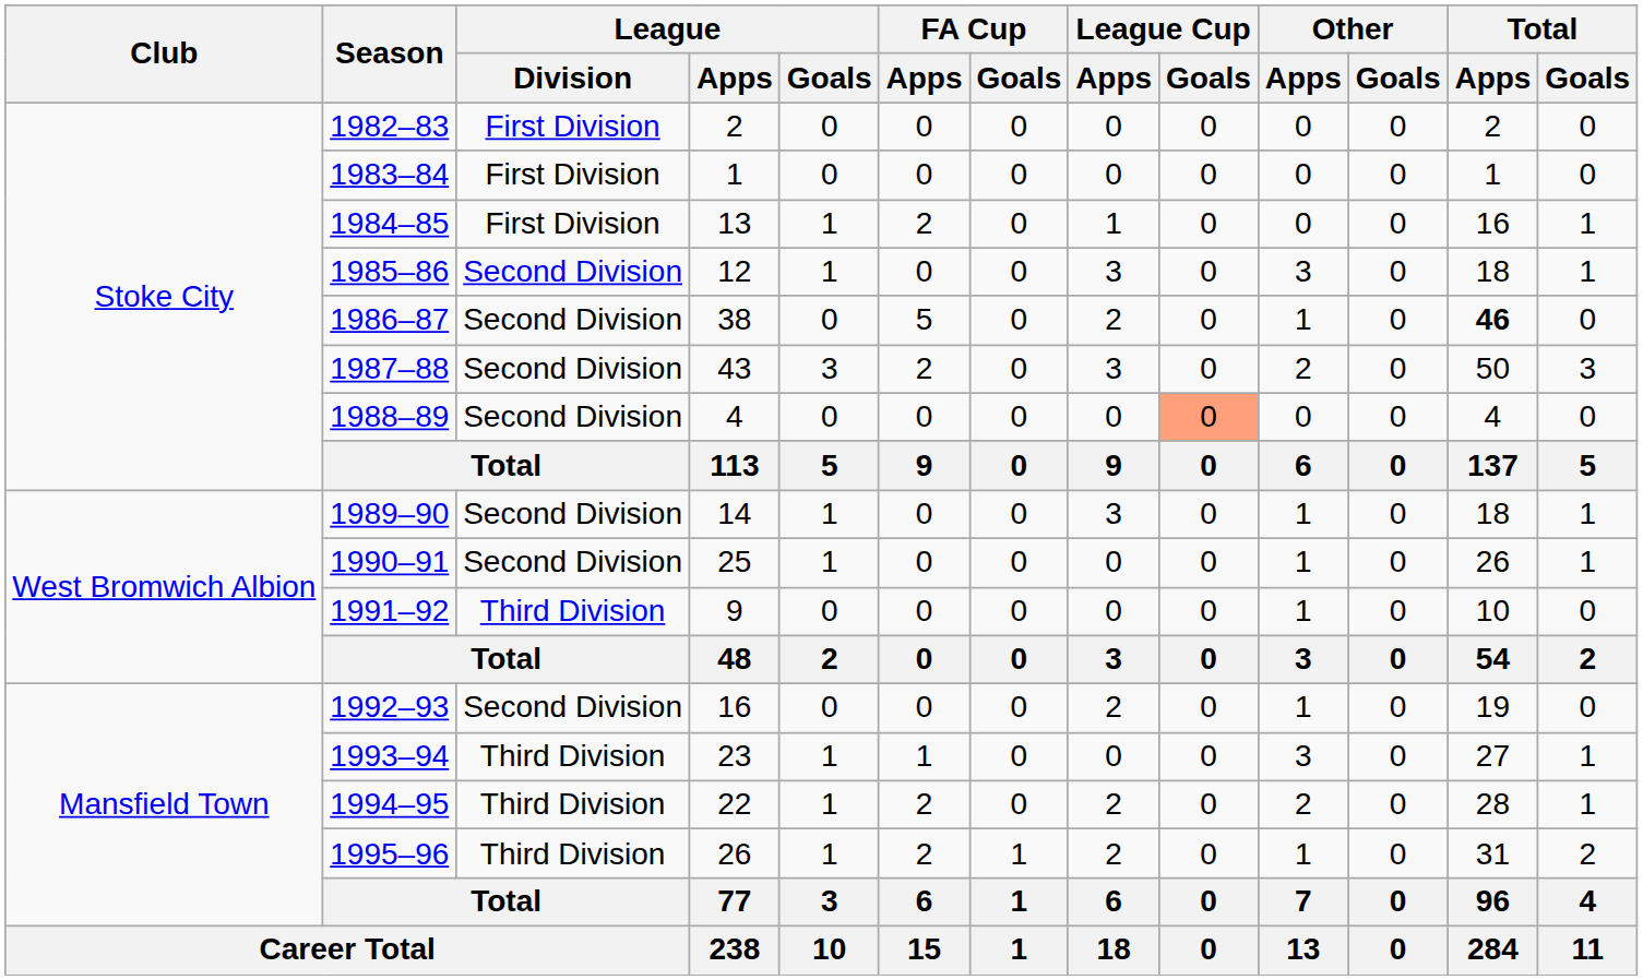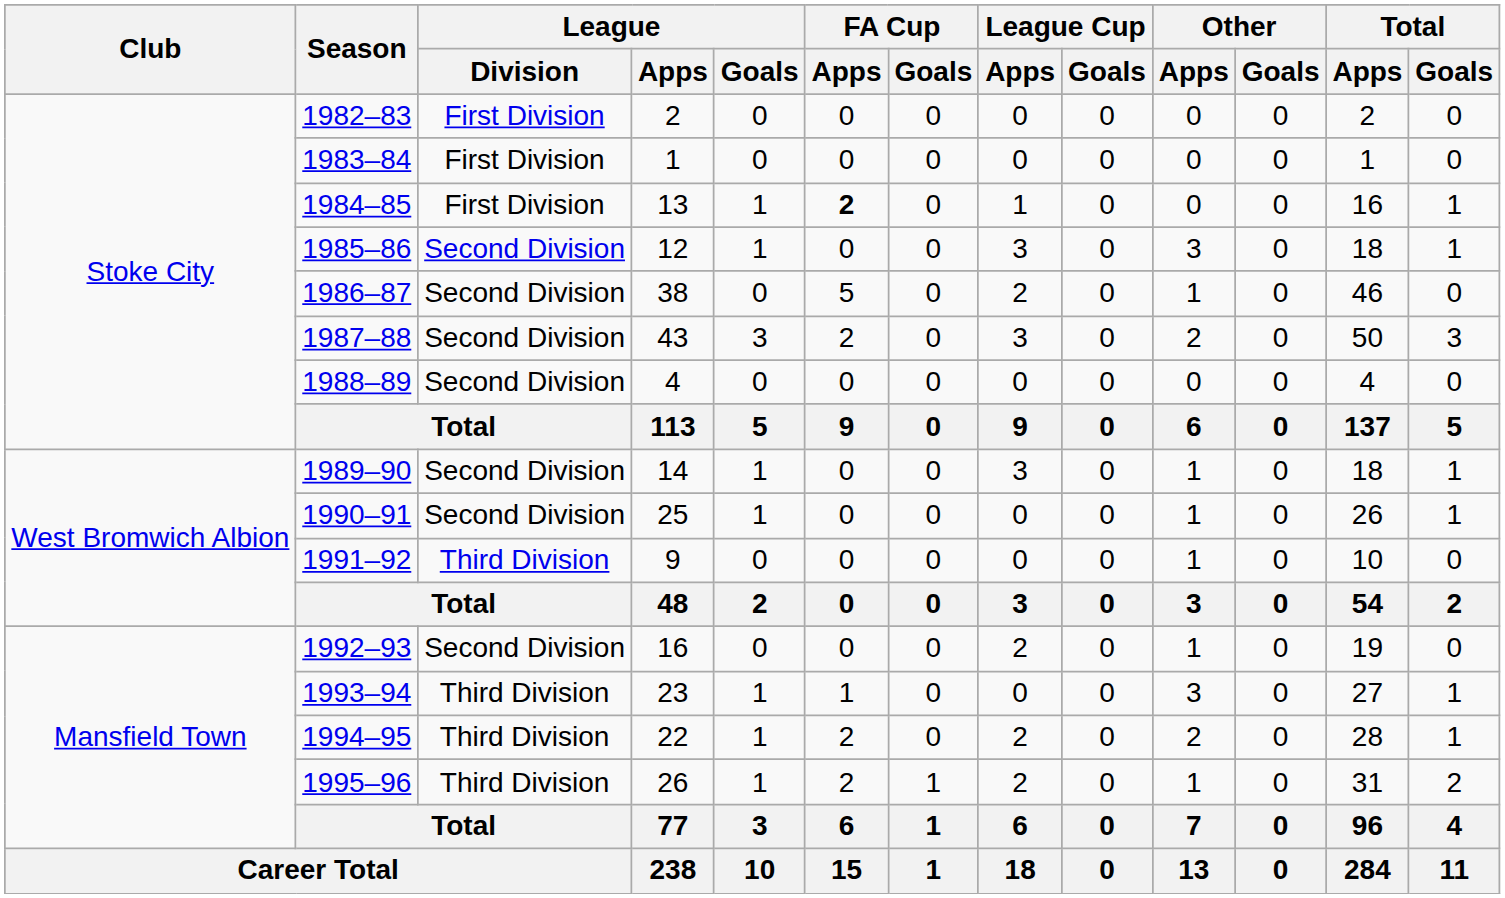 <table class="wikitable" style="text-align: center;">
 <tr>
 <th rowspan="2">Club</th>
 <th rowspan="2">Season</th>
 <th colspan="3">League</th>
 <th colspan="2">FA Cup</th>
 <th colspan="2">League Cup</th>
 <th colspan="2">Other</th>
 <th colspan="2">Total</th>
 </tr>
 <tr>
 <th>Division</th>
 <th>Apps</th>
 <th>Goals</th>
 <th>Apps</th>
 <th>Goals</th>
 <th>Apps</th>
 <th>Goals</th>
 <th>Apps</th>
 <th>Goals</th>
 <th>Apps</th>
 <th>Goals</th>
 </tr>
 <tr>
 <td rowspan="8"><a href='#'>Stoke City</a></td>
 <td><a href='#'>1982–83</a></td>
 <td><a href='#'>First Division</a></td>
 <td>2</td>
 <td>0</td>
 <td>0</td>
 <td>0</td>
 <td>0</td>
 <td>0</td>
 <td>0</td>
 <td>0</td>
 <td>2</td>
 <td>0</td>
 </tr>
 <tr>
 <td><a href='#'>1983–84</a></td>
 <td>First Division</td>
 <td>1</td>
 <td>0</td>
 <td>0</td>
 <td>0</td>
 <td>0</td>
 <td>0</td>
 <td>0</td>
 <td>0</td>
 <td>1</td>
 <td>0</td>
 </tr>
 <tr>
 <td><a href='#'>1984–85</a></td>
 <td>First Division</td>
 <td>13</td>
 <td>1</td>
-<td>2</td>
+<td><strong>2</strong></td>
 <td>0</td>
 <td>1</td>
 <td>0</td>
 <td>0</td>
 <td>0</td>
 <td>16</td>
 <td>1</td>
 </tr>
 <tr>
 <td><a href='#'>1985–86</a></td>
 <td><a href='#'>Second Division</a></td>
 <td>12</td>
 <td>1</td>
 <td>0</td>
 <td>0</td>
 <td>3</td>
 <td>0</td>
 <td>3</td>
 <td>0</td>
 <td>18</td>
 <td>1</td>
 </tr>
 <tr>
 <td><a href='#'>1986–87</a></td>
 <td>Second Division</td>
 <td>38</td>
 <td>0</td>
 <td>5</td>
 <td>0</td>
 <td>2</td>
 <td>0</td>
 <td>1</td>
 <td>0</td>
-<td><strong>46</strong></td>
+<td>46</td>
 <td>0</td>
 </tr>
 <tr>
 <td><a href='#'>1987–88</a></td>
 <td>Second Division</td>
 <td>43</td>
 <td>3</td>
 <td>2</td>
 <td>0</td>
 <td>3</td>
 <td>0</td>
 <td>2</td>
 <td>0</td>
 <td>50</td>
 <td>3</td>
 </tr>
 <tr>
 <td><a href='#'>1988–89</a></td>
 <td>Second Division</td>
 <td>4</td>
 <td>0</td>
 <td>0</td>
 <td>0</td>
 <td>0</td>
-<td style="background: lightsalmon;">0</td>
+<td>0</td>
 <td>0</td>
 <td>0</td>
 <td>4</td>
 <td>0</td>
 </tr>
 <tr>
 <th colspan="2">Total</th>
 <th>113</th>
 <th>5</th>
 <th>9</th>
 <th>0</th>
 <th>9</th>
 <th>0</th>
 <th>6</th>
 <th>0</th>
 <th>137</th>
 <th>5</th>
 </tr>
 <tr>
 <td rowspan="4"><a href='#'>West Bromwich Albion</a></td>
 <td><a href='#'>1989–90</a></td>
 <td>Second Division</td>
 <td>14</td>
 <td>1</td>
 <td>0</td>
 <td>0</td>
 <td>3</td>
 <td>0</td>
 <td>1</td>
 <td>0</td>
 <td>18</td>
 <td>1</td>
 </tr>
 <tr>
 <td><a href='#'>1990–91</a></td>
 <td>Second Division</td>
 <td>25</td>
 <td>1</td>
 <td>0</td>
 <td>0</td>
 <td>0</td>
 <td>0</td>
 <td>1</td>
 <td>0</td>
 <td>26</td>
 <td>1</td>
 </tr>
 <tr>
 <td><a href='#'>1991–92</a></td>
 <td><a href='#'>Third Division</a></td>
 <td>9</td>
 <td>0</td>
 <td>0</td>
 <td>0</td>
 <td>0</td>
 <td>0</td>
 <td>1</td>
 <td>0</td>
 <td>10</td>
 <td>0</td>
 </tr>
 <tr>
 <th colspan="2">Total</th>
 <th>48</th>
 <th>2</th>
 <th>0</th>
 <th>0</th>
 <th>3</th>
 <th>0</th>
 <th>3</th>
 <th>0</th>
 <th>54</th>
 <th>2</th>
 </tr>
 <tr>
 <td rowspan="5"><a href='#'>Mansfield Town</a></td>
 <td><a href='#'>1992–93</a></td>
 <td>Second Division</td>
 <td>16</td>
 <td>0</td>
 <td>0</td>
 <td>0</td>
 <td>2</td>
 <td>0</td>
 <td>1</td>
 <td>0</td>
 <td>19</td>
 <td>0</td>
 </tr>
 <tr>
 <td><a href='#'>1993–94</a></td>
 <td>Third Division</td>
 <td>23</td>
 <td>1</td>
 <td>1</td>
 <td>0</td>
 <td>0</td>
 <td>0</td>
 <td>3</td>
 <td>0</td>
 <td>27</td>
 <td>1</td>
 </tr>
 <tr>
 <td><a href='#'>1994–95</a></td>
 <td>Third Division</td>
 <td>22</td>
 <td>1</td>
 <td>2</td>
 <td>0</td>
 <td>2</td>
 <td>0</td>
 <td>2</td>
 <td>0</td>
 <td>28</td>
 <td>1</td>
 </tr>
 <tr>
 <td><a href='#'>1995–96</a></td>
 <td>Third Division</td>
 <td>26</td>
 <td>1</td>
 <td>2</td>
 <td>1</td>
 <td>2</td>
 <td>0</td>
 <td>1</td>
 <td>0</td>
 <td>31</td>
 <td>2</td>
 </tr>
 <tr>
 <th colspan="2">Total</th>
 <th>77</th>
 <th>3</th>
 <th>6</th>
 <th>1</th>
 <th>6</th>
 <th>0</th>
 <th>7</th>
 <th>0</th>
 <th>96</th>
 <th>4</th>
 </tr>
 <tr>
 <th colspan="3">Career Total</th>
 <th>238</th>
 <th>10</th>
 <th>15</th>
 <th>1</th>
 <th>18</th>
 <th>0</th>
 <th>13</th>
 <th>0</th>
 <th>284</th>
 <th>11</th>
 </tr>
 </table>
